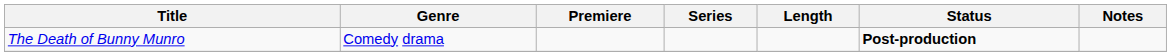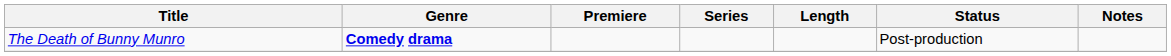 <table class="wikitable sortable" style="width:100%;">
 <tr>
 <th>Title</th>
 <th>Genre</th>
 <th>Premiere</th>
 <th>Series</th>
 <th>Length</th>
 <th>Status</th>
 <th>Notes</th>
 </tr>
 <tr>
 <td><em><a href='#'>The Death of Bunny Munro</a></em></td>
-<td><a href='#'>Comedy</a> <a href='#'>drama</a></td>
+<td><strong><a href='#'>Comedy</a> <a href='#'>drama</a></strong></td>
 <td></td>
 <td></td>
 <td></td>
-<td><strong>Post-production</strong></td>
+<td>Post-production</td>
 <td></td>
 </tr>
 <tr>
 </tr>
 </table>
